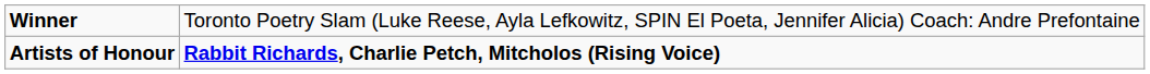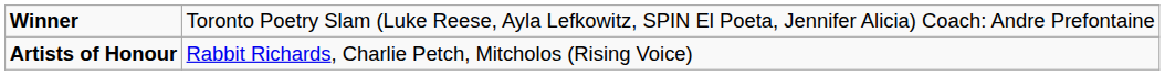 <table class="wikitable">
 <tr>
 <td><strong>Winner</strong></td>
 <td>Toronto Poetry Slam (Luke Reese, Ayla Lefkowitz, SPIN El Poeta, Jennifer Alicia) Coach: Andre Prefontaine</td>
 </tr>
 <tr>
 <td><strong>Artists of Honour</strong></td>
-<td><strong><a href='#'>Rabbit Richards</a>, Charlie Petch, Mitcholos (Rising Voice)</strong></td>
+<td><a href='#'>Rabbit Richards</a>, Charlie Petch, Mitcholos (Rising Voice)</td>
 </tr>
 </table>
